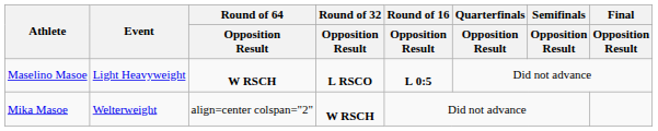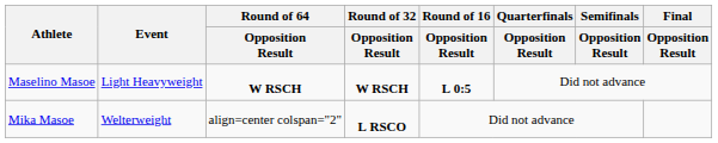 <table class="wikitable" style="font-size:90%">
 <tr>
 <th rowspan="2">Athlete</th>
 <th rowspan="2">Event</th>
 <th>Round of 64</th>
 <th>Round of 32</th>
 <th>Round of 16</th>
 <th>Quarterfinals</th>
 <th>Semifinals</th>
 <th>Final</th>
 </tr>
 <tr>
 <th>Opposition<br>Result</th>
 <th>Opposition<br>Result</th>
 <th>Opposition<br>Result</th>
 <th>Opposition<br>Result</th>
 <th>Opposition<br>Result</th>
 <th>Opposition<br>Result</th>
 </tr>
 <tr>
 <td><a href='#'>Maselino Masoe</a></td>
 <td><a href='#'>Light Heavyweight</a></td>
 <td align=center><br><strong>W</strong> <strong>RSCH</strong></td>
-<td align=center><br><strong>L</strong> <strong>RSCO</strong></td>
+<td align=center><br><strong>W</strong> <strong>RSCH</strong></td>
 <td align=center><br><strong>L</strong> <strong>0:5</strong></td>
 <td align=center colspan="3">Did not advance</td>
 </tr>
 <tr>
 <td><a href='#'>Mika Masoe</a></td>
 <td><a href='#'>Welterweight</a></td>
 <td>align=center colspan="2" </td>
-<td align=center><br><strong>W</strong> <strong>RSCH</strong></td>
+<td align=center><br><strong>L</strong> <strong>RSCO</strong></td>
 <td align=center colspan="3">Did not advance</td>
 </tr>
 </table>
